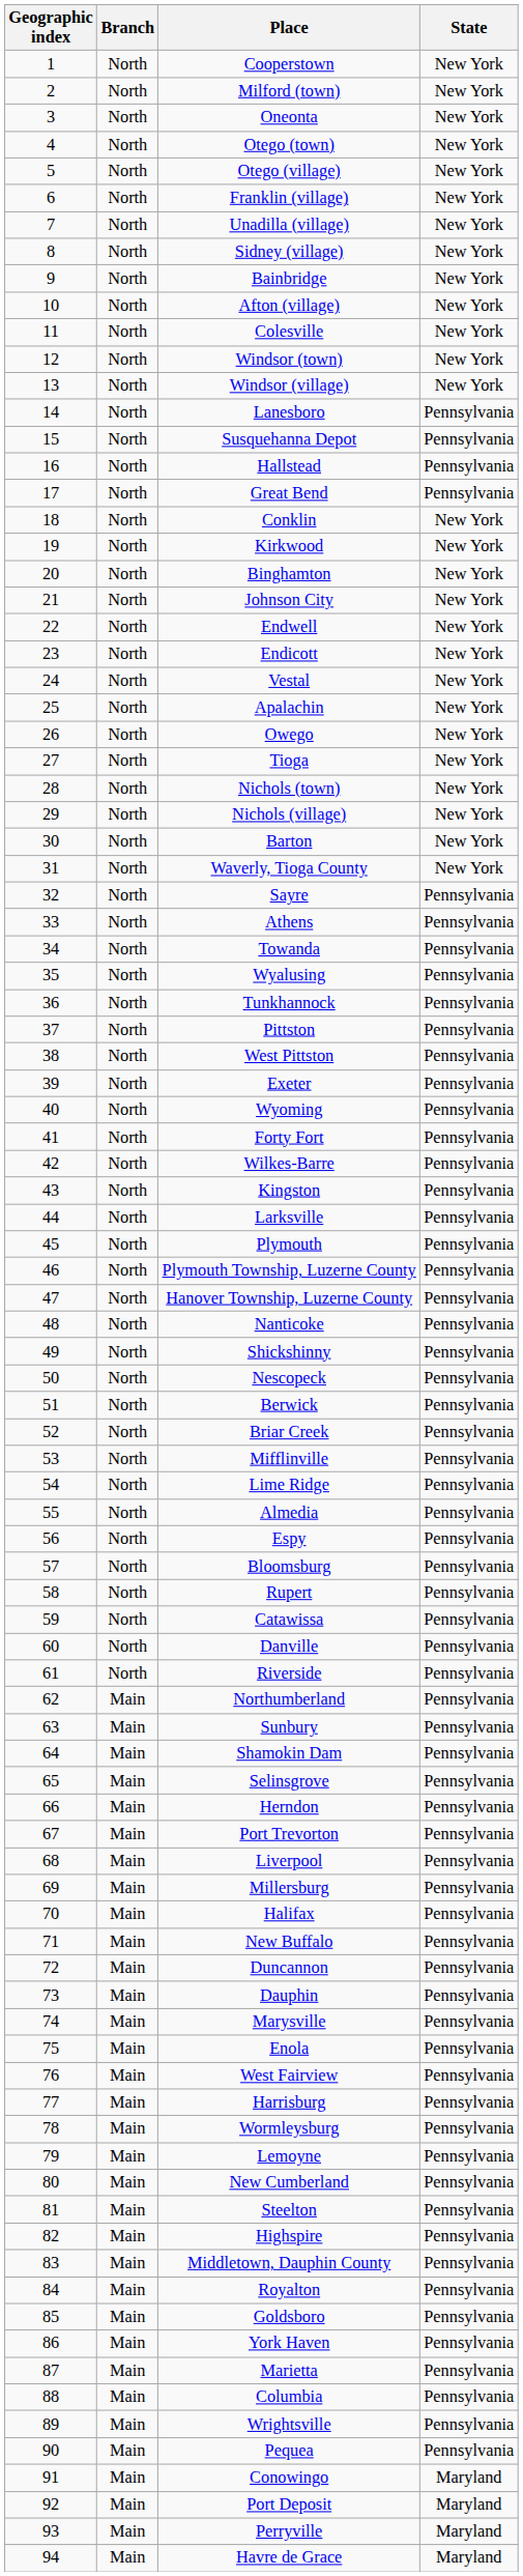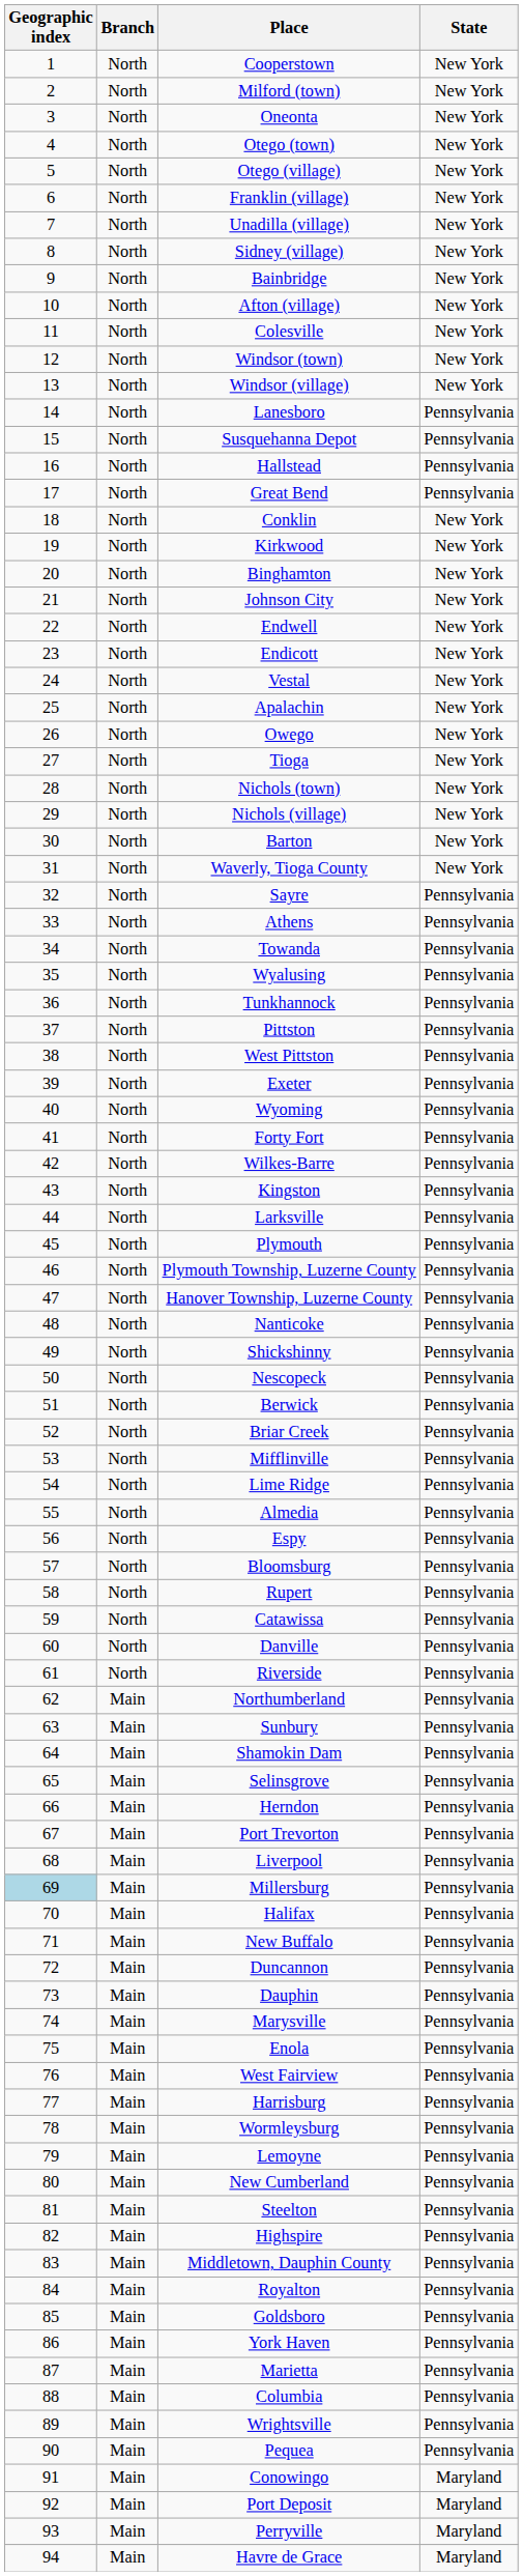 <table class="wikitable sortable" style="text-align:center">
 <tr>
 <th>Geographic<br>index</th>
 <th>Branch</th>
 <th>Place</th>
 <th>State</th>
 </tr>
 <tr>
 <td>1</td>
 <td>North</td>
 <td><a href='#'>Cooperstown</a></td>
 <td>New York</td>
 </tr>
 <tr>
 <td>2</td>
 <td>North</td>
 <td><a href='#'>Milford (town)</a></td>
 <td>New York</td>
 </tr>
 <tr>
 <td>3</td>
 <td>North</td>
 <td><a href='#'>Oneonta</a></td>
 <td>New York</td>
 </tr>
 <tr>
 <td>4</td>
 <td>North</td>
 <td><a href='#'>Otego (town)</a></td>
 <td>New York</td>
 </tr>
 <tr>
 <td>5</td>
 <td>North</td>
 <td><a href='#'>Otego (village)</a></td>
 <td>New York</td>
 </tr>
 <tr>
 <td>6</td>
 <td>North</td>
 <td><a href='#'>Franklin (village)</a></td>
 <td>New York</td>
 </tr>
 <tr>
 <td>7</td>
 <td>North</td>
 <td><a href='#'>Unadilla (village)</a></td>
 <td>New York</td>
 </tr>
 <tr>
 <td>8</td>
 <td>North</td>
 <td><a href='#'>Sidney (village)</a></td>
 <td>New York</td>
 </tr>
 <tr>
 <td>9</td>
 <td>North</td>
 <td><a href='#'>Bainbridge</a></td>
 <td>New York</td>
 </tr>
 <tr>
 <td>10</td>
 <td>North</td>
 <td><a href='#'>Afton (village)</a></td>
 <td>New York</td>
 </tr>
 <tr>
 <td>11</td>
 <td>North</td>
 <td><a href='#'>Colesville</a></td>
 <td>New York</td>
 </tr>
 <tr>
 <td>12</td>
 <td>North</td>
 <td><a href='#'>Windsor (town)</a></td>
 <td>New York</td>
 </tr>
 <tr>
 <td>13</td>
 <td>North</td>
 <td><a href='#'>Windsor (village)</a></td>
 <td>New York</td>
 </tr>
 <tr>
 <td>14</td>
 <td>North</td>
 <td><a href='#'>Lanesboro</a></td>
 <td>Pennsylvania</td>
 </tr>
 <tr>
 <td>15</td>
 <td>North</td>
 <td><a href='#'>Susquehanna Depot</a></td>
 <td>Pennsylvania</td>
 </tr>
 <tr>
 <td>16</td>
 <td>North</td>
 <td><a href='#'>Hallstead</a></td>
 <td>Pennsylvania</td>
 </tr>
 <tr>
 <td>17</td>
 <td>North</td>
 <td><a href='#'>Great Bend</a></td>
 <td>Pennsylvania</td>
 </tr>
 <tr>
 <td>18</td>
 <td>North</td>
 <td><a href='#'>Conklin</a></td>
 <td>New York</td>
 </tr>
 <tr>
 <td>19</td>
 <td>North</td>
 <td><a href='#'>Kirkwood</a></td>
 <td>New York</td>
 </tr>
 <tr>
 <td>20</td>
 <td>North</td>
 <td><a href='#'>Binghamton</a></td>
 <td>New York</td>
 </tr>
 <tr>
 <td>21</td>
 <td>North</td>
 <td><a href='#'>Johnson City</a></td>
 <td>New York</td>
 </tr>
 <tr>
 <td>22</td>
 <td>North</td>
 <td><a href='#'>Endwell</a></td>
 <td>New York</td>
 </tr>
 <tr>
 <td>23</td>
 <td>North</td>
 <td><a href='#'>Endicott</a></td>
 <td>New York</td>
 </tr>
 <tr>
 <td>24</td>
 <td>North</td>
 <td><a href='#'>Vestal</a></td>
 <td>New York</td>
 </tr>
 <tr>
 <td>25</td>
 <td>North</td>
 <td><a href='#'>Apalachin</a></td>
 <td>New York</td>
 </tr>
 <tr>
 <td>26</td>
 <td>North</td>
 <td><a href='#'>Owego</a></td>
 <td>New York</td>
 </tr>
 <tr>
 <td>27</td>
 <td>North</td>
 <td><a href='#'>Tioga</a></td>
 <td>New York</td>
 </tr>
 <tr>
 <td>28</td>
 <td>North</td>
 <td><a href='#'>Nichols (town)</a></td>
 <td>New York</td>
 </tr>
 <tr>
 <td>29</td>
 <td>North</td>
 <td><a href='#'>Nichols (village)</a></td>
 <td>New York</td>
 </tr>
 <tr>
 <td>30</td>
 <td>North</td>
 <td><a href='#'>Barton</a></td>
 <td>New York</td>
 </tr>
 <tr>
 <td>31</td>
 <td>North</td>
 <td><a href='#'>Waverly, Tioga County</a></td>
 <td>New York</td>
 </tr>
 <tr>
 <td>32</td>
 <td>North</td>
 <td><a href='#'>Sayre</a></td>
 <td>Pennsylvania</td>
 </tr>
 <tr>
 <td>33</td>
 <td>North</td>
 <td><a href='#'>Athens</a></td>
 <td>Pennsylvania</td>
 </tr>
 <tr>
 <td>34</td>
 <td>North</td>
 <td><a href='#'>Towanda</a></td>
 <td>Pennsylvania</td>
 </tr>
 <tr>
 <td>35</td>
 <td>North</td>
 <td><a href='#'>Wyalusing</a></td>
 <td>Pennsylvania</td>
 </tr>
 <tr>
 <td>36</td>
 <td>North</td>
 <td><a href='#'>Tunkhannock</a></td>
 <td>Pennsylvania</td>
 </tr>
 <tr>
 <td>37</td>
 <td>North</td>
 <td><a href='#'>Pittston</a></td>
 <td>Pennsylvania</td>
 </tr>
 <tr>
 <td>38</td>
 <td>North</td>
 <td><a href='#'>West Pittston</a></td>
 <td>Pennsylvania</td>
 </tr>
 <tr>
 <td>39</td>
 <td>North</td>
 <td><a href='#'>Exeter</a></td>
 <td>Pennsylvania</td>
 </tr>
 <tr>
 <td>40</td>
 <td>North</td>
 <td><a href='#'>Wyoming</a></td>
 <td>Pennsylvania</td>
 </tr>
 <tr>
 <td>41</td>
 <td>North</td>
 <td><a href='#'>Forty Fort</a></td>
 <td>Pennsylvania</td>
 </tr>
 <tr>
 <td>42</td>
 <td>North</td>
 <td><a href='#'>Wilkes-Barre</a></td>
 <td>Pennsylvania</td>
 </tr>
 <tr>
 <td>43</td>
 <td>North</td>
 <td><a href='#'>Kingston</a></td>
 <td>Pennsylvania</td>
 </tr>
 <tr>
 <td>44</td>
 <td>North</td>
 <td><a href='#'>Larksville</a></td>
 <td>Pennsylvania</td>
 </tr>
 <tr>
 <td>45</td>
 <td>North</td>
 <td><a href='#'>Plymouth</a></td>
 <td>Pennsylvania</td>
 </tr>
 <tr>
 <td>46</td>
 <td>North</td>
 <td><a href='#'>Plymouth Township, Luzerne County</a></td>
 <td>Pennsylvania</td>
 </tr>
 <tr>
 <td>47</td>
 <td>North</td>
 <td><a href='#'>Hanover Township, Luzerne County</a></td>
 <td>Pennsylvania</td>
 </tr>
 <tr>
 <td>48</td>
 <td>North</td>
 <td><a href='#'>Nanticoke</a></td>
 <td>Pennsylvania</td>
 </tr>
 <tr>
 <td>49</td>
 <td>North</td>
 <td><a href='#'>Shickshinny</a></td>
 <td>Pennsylvania</td>
 </tr>
 <tr>
 <td>50</td>
 <td>North</td>
 <td><a href='#'>Nescopeck</a></td>
 <td>Pennsylvania</td>
 </tr>
 <tr>
 <td>51</td>
 <td>North</td>
 <td><a href='#'>Berwick</a></td>
 <td>Pennsylvania</td>
 </tr>
 <tr>
 <td>52</td>
 <td>North</td>
 <td><a href='#'>Briar Creek</a></td>
 <td>Pennsylvania</td>
 </tr>
 <tr>
 <td>53</td>
 <td>North</td>
 <td><a href='#'>Mifflinville</a></td>
 <td>Pennsylvania</td>
 </tr>
 <tr>
 <td>54</td>
 <td>North</td>
 <td><a href='#'>Lime Ridge</a></td>
 <td>Pennsylvania</td>
 </tr>
 <tr>
 <td>55</td>
 <td>North</td>
 <td><a href='#'>Almedia</a></td>
 <td>Pennsylvania</td>
 </tr>
 <tr>
 <td>56</td>
 <td>North</td>
 <td><a href='#'>Espy</a></td>
 <td>Pennsylvania</td>
 </tr>
 <tr>
 <td>57</td>
 <td>North</td>
 <td><a href='#'>Bloomsburg</a></td>
 <td>Pennsylvania</td>
 </tr>
 <tr>
 <td>58</td>
 <td>North</td>
 <td><a href='#'>Rupert</a></td>
 <td>Pennsylvania</td>
 </tr>
 <tr>
 <td>59</td>
 <td>North</td>
 <td><a href='#'>Catawissa</a></td>
 <td>Pennsylvania</td>
 </tr>
 <tr>
 <td>60</td>
 <td>North</td>
 <td><a href='#'>Danville</a></td>
 <td>Pennsylvania</td>
 </tr>
 <tr>
 <td>61</td>
 <td>North</td>
 <td><a href='#'>Riverside</a></td>
 <td>Pennsylvania</td>
 </tr>
 <tr>
 <td>62</td>
 <td>Main</td>
 <td><a href='#'>Northumberland</a></td>
 <td>Pennsylvania</td>
 </tr>
 <tr>
 <td>63</td>
 <td>Main</td>
 <td><a href='#'>Sunbury</a></td>
 <td>Pennsylvania</td>
 </tr>
 <tr>
 <td>64</td>
 <td>Main</td>
 <td><a href='#'>Shamokin Dam</a></td>
 <td>Pennsylvania</td>
 </tr>
 <tr>
 <td>65</td>
 <td>Main</td>
 <td><a href='#'>Selinsgrove</a></td>
 <td>Pennsylvania</td>
 </tr>
 <tr>
 <td>66</td>
 <td>Main</td>
 <td><a href='#'>Herndon</a></td>
 <td>Pennsylvania</td>
 </tr>
 <tr>
 <td>67</td>
 <td>Main</td>
 <td><a href='#'>Port Trevorton</a></td>
 <td>Pennsylvania</td>
 </tr>
 <tr>
 <td>68</td>
 <td>Main</td>
 <td><a href='#'>Liverpool</a></td>
 <td>Pennsylvania</td>
 </tr>
 <tr>
-<td>69</td>
+<td style="background: lightblue;">69</td>
 <td>Main</td>
 <td><a href='#'>Millersburg</a></td>
 <td>Pennsylvania</td>
 </tr>
 <tr>
 <td>70</td>
 <td>Main</td>
 <td><a href='#'>Halifax</a></td>
 <td>Pennsylvania</td>
 </tr>
 <tr>
 <td>71</td>
 <td>Main</td>
 <td><a href='#'>New Buffalo</a></td>
 <td>Pennsylvania</td>
 </tr>
 <tr>
 <td>72</td>
 <td>Main</td>
 <td><a href='#'>Duncannon</a></td>
 <td>Pennsylvania</td>
 </tr>
 <tr>
 <td>73</td>
 <td>Main</td>
 <td><a href='#'>Dauphin</a></td>
 <td>Pennsylvania</td>
 </tr>
 <tr>
 <td>74</td>
 <td>Main</td>
 <td><a href='#'>Marysville</a></td>
 <td>Pennsylvania</td>
 </tr>
 <tr>
 <td>75</td>
 <td>Main</td>
 <td><a href='#'>Enola</a></td>
 <td>Pennsylvania</td>
 </tr>
 <tr>
 <td>76</td>
 <td>Main</td>
 <td><a href='#'>West Fairview</a></td>
 <td>Pennsylvania</td>
 </tr>
 <tr>
 <td>77</td>
 <td>Main</td>
 <td><a href='#'>Harrisburg</a></td>
 <td>Pennsylvania</td>
 </tr>
 <tr>
 <td>78</td>
 <td>Main</td>
 <td><a href='#'>Wormleysburg</a></td>
 <td>Pennsylvania</td>
 </tr>
 <tr>
 <td>79</td>
 <td>Main</td>
 <td><a href='#'>Lemoyne</a></td>
 <td>Pennsylvania</td>
 </tr>
 <tr>
 <td>80</td>
 <td>Main</td>
 <td><a href='#'>New Cumberland</a></td>
 <td>Pennsylvania</td>
 </tr>
 <tr>
 <td>81</td>
 <td>Main</td>
 <td><a href='#'>Steelton</a></td>
 <td>Pennsylvania</td>
 </tr>
 <tr>
 <td>82</td>
 <td>Main</td>
 <td><a href='#'>Highspire</a></td>
 <td>Pennsylvania</td>
 </tr>
 <tr>
 <td>83</td>
 <td>Main</td>
 <td><a href='#'>Middletown, Dauphin County</a></td>
 <td>Pennsylvania</td>
 </tr>
 <tr>
 <td>84</td>
 <td>Main</td>
 <td><a href='#'>Royalton</a></td>
 <td>Pennsylvania</td>
 </tr>
 <tr>
 <td>85</td>
 <td>Main</td>
 <td><a href='#'>Goldsboro</a></td>
 <td>Pennsylvania</td>
 </tr>
 <tr>
 <td>86</td>
 <td>Main</td>
 <td><a href='#'>York Haven</a></td>
 <td>Pennsylvania</td>
 </tr>
 <tr>
 <td>87</td>
 <td>Main</td>
 <td><a href='#'>Marietta</a></td>
 <td>Pennsylvania</td>
 </tr>
 <tr>
 <td>88</td>
 <td>Main</td>
 <td><a href='#'>Columbia</a></td>
 <td>Pennsylvania</td>
 </tr>
 <tr>
 <td>89</td>
 <td>Main</td>
 <td><a href='#'>Wrightsville</a></td>
 <td>Pennsylvania</td>
 </tr>
 <tr>
 <td>90</td>
 <td>Main</td>
 <td><a href='#'>Pequea</a></td>
 <td>Pennsylvania</td>
 </tr>
 <tr>
 <td>91</td>
 <td>Main</td>
 <td><a href='#'>Conowingo</a></td>
 <td>Maryland</td>
 </tr>
 <tr>
 <td>92</td>
 <td>Main</td>
 <td><a href='#'>Port Deposit</a></td>
 <td>Maryland</td>
 </tr>
 <tr>
 <td>93</td>
 <td>Main</td>
 <td><a href='#'>Perryville</a></td>
 <td>Maryland</td>
 </tr>
 <tr>
 <td>94</td>
 <td>Main</td>
 <td><a href='#'>Havre de Grace</a></td>
 <td>Maryland</td>
 </tr>
 </table>
